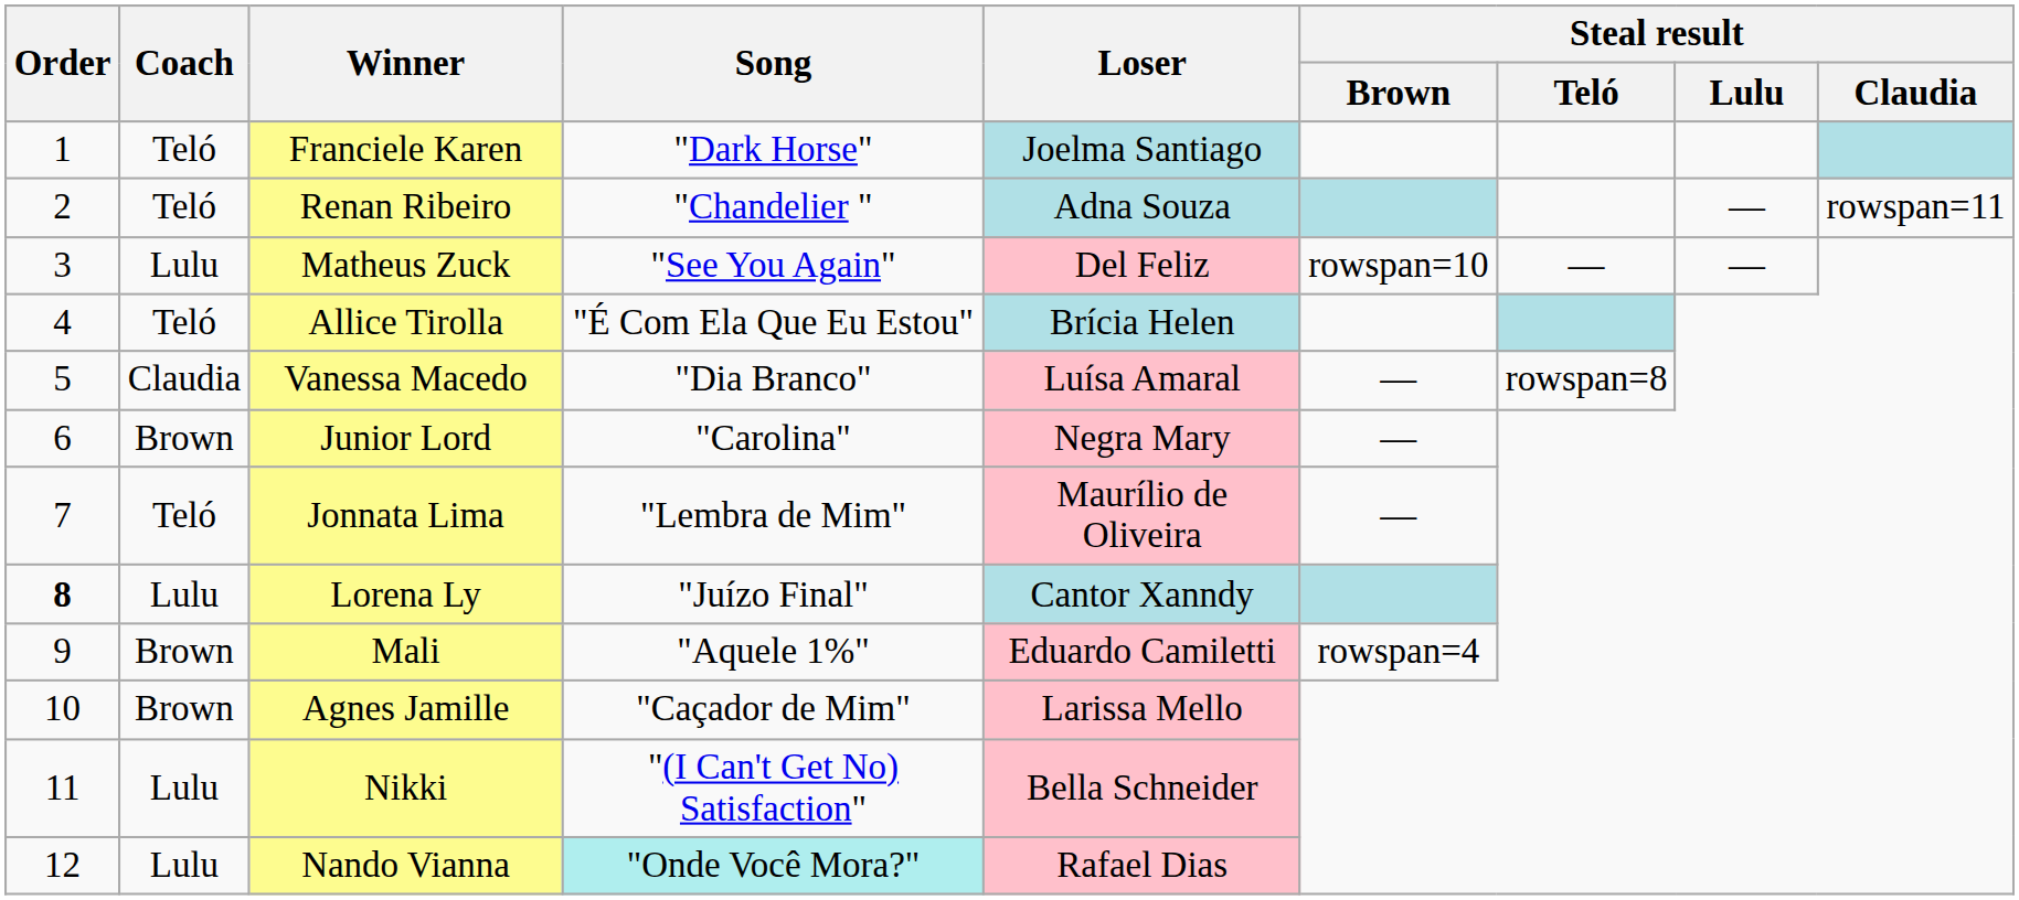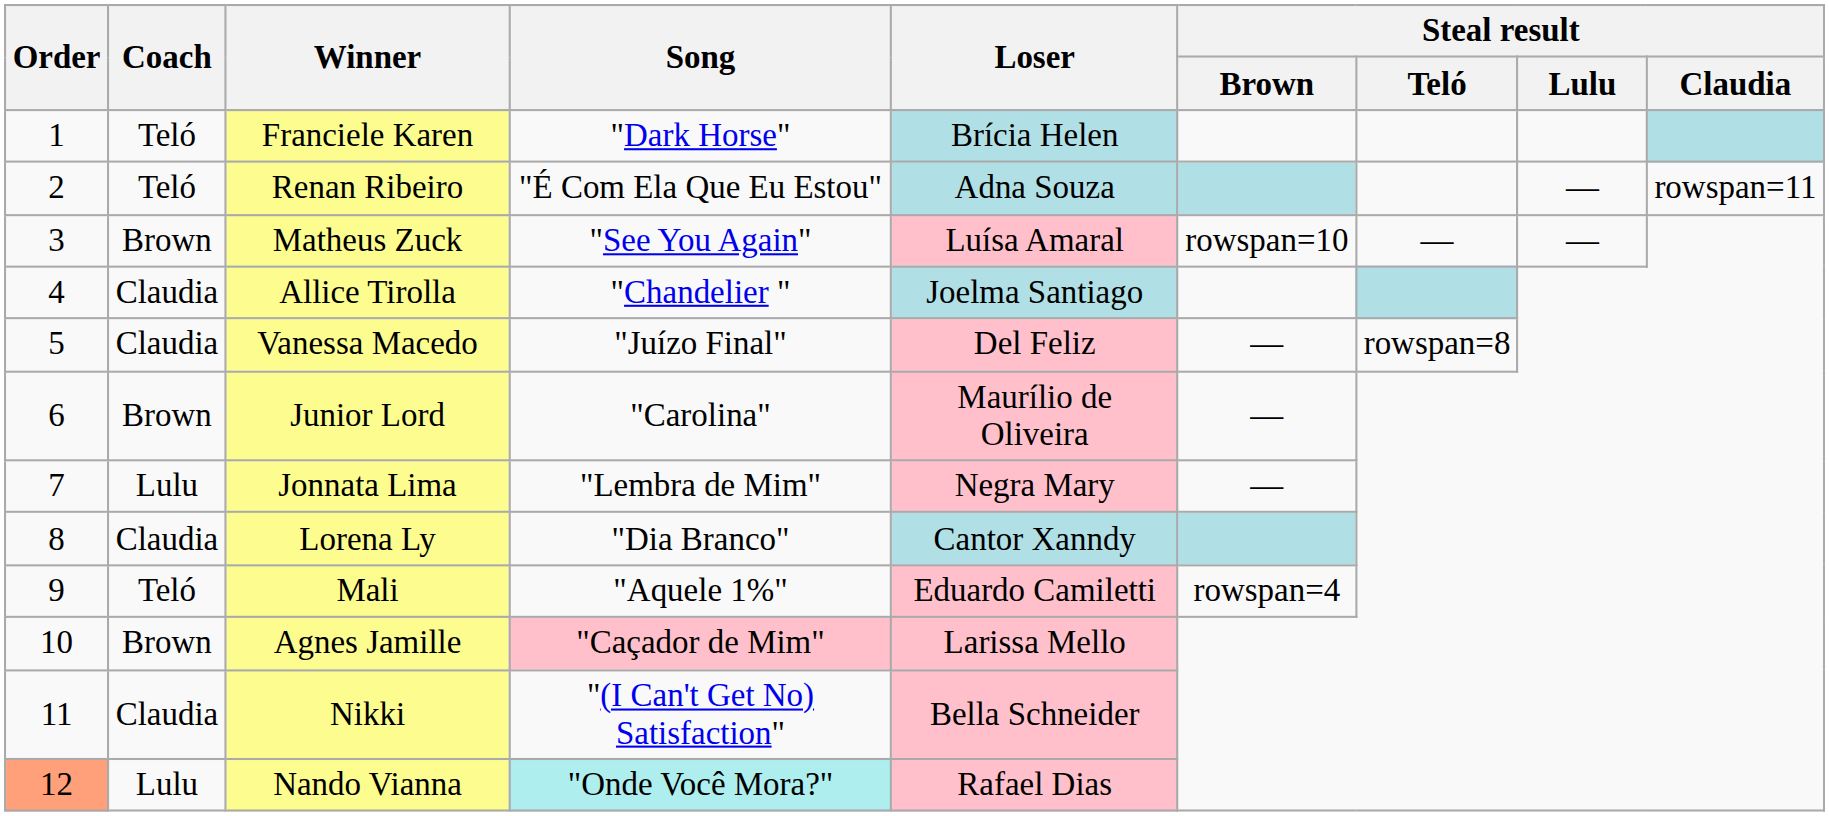 <table class="wikitable" style="text-align:center; width:100%;">
 <tr>
 <th rowspan=2 width="03.5%">Order</th>
 <th rowspan=2 width="03.5%">Coach</th>
 <th rowspan=2 width="18.5%">Winner</th>
 <th rowspan=2 width="25.0%">Song</th>
 <th rowspan=2 width="18.5%">Loser</th>
 <th colspan=4 width="32.0%">Steal result</th>
 </tr>
 <tr>
 <th width="8.0%">Brown</th>
 <th width="8.0%">Teló</th>
 <th width="8.0%">Lulu</th>
 <th width="8.0%">Claudia</th>
 </tr>
 <tr>
 <td>1</td>
 <td>Teló</td>
 <td style="background-color:#FDFC8F;">Franciele Karen</td>
 <td>"<a href='#'>Dark Horse</a>"</td>
-<td style="background-color:#B0E0E6;">Joelma Santiago</td>
+<td style="background-color:#B0E0E6;">Brícia Helen</td>
 <td><strong></strong></td>
 <td></td>
 <td><strong></strong></td>
 <td style="background-color:#B0E0E6;"><strong></strong></td>
 </tr>
 <tr>
 <td>2</td>
 <td>Teló</td>
 <td style="background-color:#FDFC8F;">Renan Ribeiro</td>
-<td>"<a href='#'>Chandelier</a> "</td>
+<td>"É Com Ela Que Eu Estou"</td>
 <td style="background-color:#B0E0E6;">Adna Souza</td>
 <td style="background-color:#B0E0E6;"><strong></strong></td>
 <td></td>
 <td>—</td>
 <td>rowspan=11 </td>
 </tr>
 <tr>
 <td>3</td>
-<td>Lulu</td>
+<td>Brown</td>
 <td style="background-color:#FDFC8F;">Matheus Zuck</td>
 <td>"<a href='#'>See You Again</a>"</td>
-<td style="background-color:pink;">Del Feliz</td>
+<td style="background-color:pink;">Luísa Amaral</td>
 <td>rowspan=10 </td>
 <td>—</td>
 <td>—</td>
 </tr>
 <tr>
 <td>4</td>
-<td>Teló</td>
+<td>Claudia</td>
 <td style="background-color:#FDFC8F;">Allice Tirolla</td>
-<td>"É Com Ela Que Eu Estou"</td>
-<td style="background-color:#B0E0E6;">Brícia Helen</td>
+<td>"<a href='#'>Chandelier</a> "</td>
+<td style="background-color:#B0E0E6;">Joelma Santiago</td>
 <td><strong></strong></td>
 <td style="background-color:#B0E0E6;"><strong></strong></td>
 </tr>
 <tr>
 <td>5</td>
 <td>Claudia</td>
 <td style="background-color:#FDFC8F;">Vanessa Macedo</td>
-<td>"Dia Branco"</td>
-<td style="background-color:pink;">Luísa Amaral</td>
+<td>"Juízo Final"</td>
+<td style="background-color:pink;">Del Feliz</td>
 <td>—</td>
 <td>rowspan=8 </td>
 </tr>
 <tr>
 <td>6</td>
 <td>Brown</td>
 <td style="background-color:#FDFC8F;">Junior Lord</td>
 <td>"Carolina"</td>
+<td style="background-color:pink;">Maurílio de Oliveira</td>
+<td>—</td>
+</tr>
+<tr>
+<td>7</td>
+<td>Lulu</td>
+<td style="background-color:#FDFC8F;">Jonnata Lima</td>
+<td>"Lembra de Mim"</td>
 <td style="background-color:pink;">Negra Mary</td>
 <td>—</td>
 </tr>
 <tr>
-<td>7</td>
-<td>Teló</td>
-<td style="background-color:#FDFC8F;">Jonnata Lima</td>
-<td>"Lembra de Mim"</td>
-<td style="background-color:pink;">Maurílio de Oliveira</td>
-<td>—</td>
-</tr>
-<tr>
-<td><strong>8</strong></td>
-<td>Lulu</td>
+<td>8</td>
+<td>Claudia</td>
 <td style="background-color:#FDFC8F;">Lorena Ly</td>
-<td>"Juízo Final"</td>
+<td>"Dia Branco"</td>
 <td style="background-color:#B0E0E6;">Cantor Xanndy</td>
 <td style="background-color:#B0E0E6;"><strong></strong></td>
 </tr>
 <tr>
 <td>9</td>
-<td>Brown</td>
+<td>Teló</td>
 <td style="background-color:#FDFC8F;">Mali</td>
 <td>"Aquele 1%"</td>
 <td style="background-color:pink;">Eduardo Camiletti</td>
 <td>rowspan=4 </td>
 </tr>
 <tr>
 <td>10</td>
 <td>Brown</td>
 <td style="background-color:#FDFC8F;">Agnes Jamille</td>
-<td>"Caçador de Mim"</td>
+<td style="background: pink;">"Caçador de Mim"</td>
 <td style="background-color:pink;">Larissa Mello</td>
 </tr>
 <tr>
 <td>11</td>
-<td>Lulu</td>
+<td>Claudia</td>
 <td style="background-color:#FDFC8F;">Nikki</td>
 <td>"<a href='#'>(I Can't Get No) Satisfaction</a>"</td>
 <td style="background-color:pink;">Bella Schneider</td>
 </tr>
 <tr>
-<td>12</td>
+<td style="background: lightsalmon;">12</td>
 <td>Lulu</td>
 <td style="background-color:#FDFC8F;">Nando Vianna</td>
 <td style="background: paleturquoise;">"Onde Você Mora?"</td>
 <td style="background-color:pink;">Rafael Dias</td>
 </tr>
 </table>
